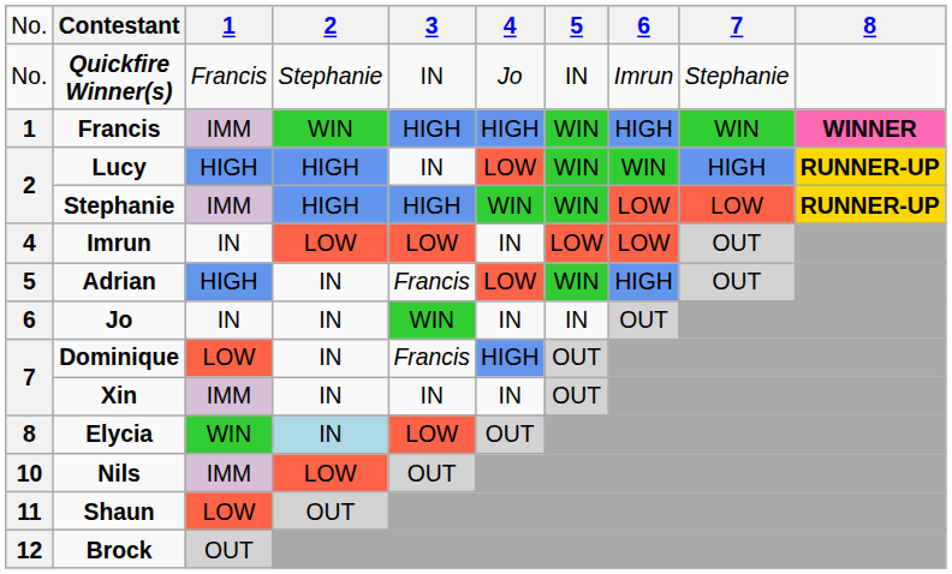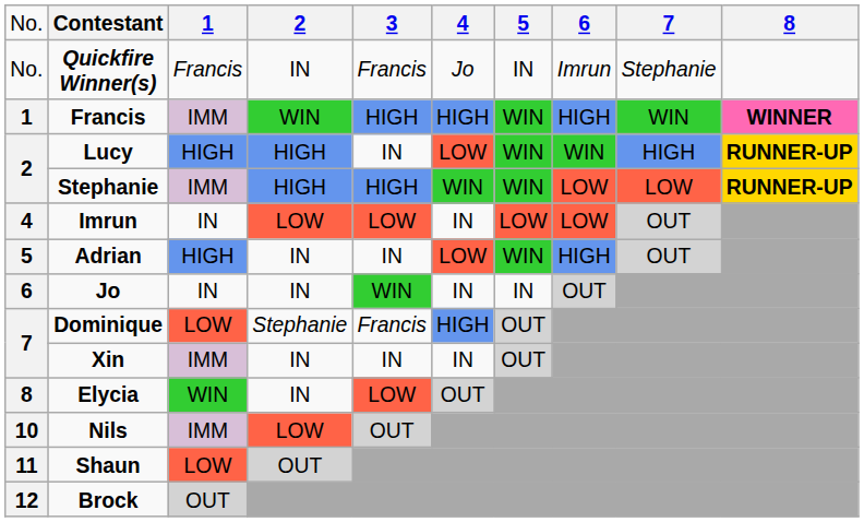 <table class="wikitable" style="text-align:center; align=center; font-size:80%">
 <tr>
 <td>No.</td>
 <th>Contestant</th>
 <th><a href='#'>1</a></th>
 <th><a href='#'>2</a></th>
 <th><a href='#'>3</a></th>
 <th><a href='#'>4</a></th>
 <th><a href='#'>5</a></th>
 <th><a href='#'>6</a></th>
 <th><a href='#'>7</a></th>
 <th><a href='#'>8</a></th>
 </tr>
 <tr>
 <td>No.</td>
 <td><strong><em>Quickfire</em></strong><br><strong><em>Winner(s)</em></strong></td>
 <td><em>Francis</em></td>
-<td><em>Stephanie</em></td>
 <td>IN</td>
+<td><em>Francis</em></td>
 <td><em>Jo</em></td>
 <td>IN</td>
 <td><em>Imrun</em></td>
 <td><em>Stephanie</em></td>
 <td></td>
 </tr>
 <tr>
 <th>1</th>
 <td><strong>Francis</strong></td>
 <td style="background:thistle;">IMM</td>
 <td style= "background:limegreen;">WIN</td>
 <td style="background:cornflowerblue;">HIGH</td>
 <td style="background:cornflowerblue;">HIGH</td>
 <td style= "background:limegreen;">WIN</td>
 <td style="background:cornflowerblue;">HIGH</td>
 <td style= "background:limegreen;">WIN</td>
 <td style="background:hotpink"><strong>WINNER</strong></td>
 </tr>
 <tr>
 <th rowspan="2">2</th>
 <td><strong>Lucy</strong></td>
 <td style="background:cornflowerblue;">HIGH</td>
 <td style="background:cornflowerblue;">HIGH</td>
 <td>IN</td>
 <td style="background:tomato;">LOW</td>
 <td style= "background:limegreen;">WIN</td>
 <td style= "background:limegreen;">WIN</td>
 <td style="background:cornflowerblue;">HIGH</td>
 <td style="background:gold"><strong>RUNNER-UP</strong></td>
 </tr>
 <tr>
 <td><strong>Stephanie</strong></td>
 <td style="background:thistle;">IMM</td>
 <td style="background:cornflowerblue;">HIGH</td>
 <td style="background:cornflowerblue;">HIGH</td>
 <td style= "background:limegreen;">WIN</td>
 <td style= "background:limegreen;">WIN</td>
 <td style="background:tomato;">LOW</td>
 <td style="background:tomato;">LOW</td>
 <td style="background:gold"><strong>RUNNER-UP</strong></td>
 </tr>
 <tr>
 <th>4</th>
 <td><strong>Imrun</strong></td>
 <td>IN</td>
 <td style="background:tomato;">LOW</td>
 <td style="background:tomato;">LOW</td>
 <td>IN</td>
 <td style="background:tomato;">LOW</td>
 <td style="background:tomato;">LOW</td>
 <td style="background:lightgray;">OUT</td>
 <td colspan="2" style="background:darkgray"></td>
 </tr>
 <tr>
 <th>5</th>
 <td><strong>Adrian</strong></td>
 <td style="background:cornflowerblue;">HIGH</td>
 <td>IN</td>
-<td><em>Francis</em></td>
+<td>IN</td>
 <td style="background:tomato;">LOW</td>
 <td style= "background:limegreen;">WIN</td>
 <td style="background:cornflowerblue;">HIGH</td>
 <td style="background:lightgray;">OUT</td>
 <td colspan="2" style="background:darkgray"></td>
 </tr>
 <tr>
 <th>6</th>
 <td><strong>Jo</strong></td>
 <td>IN</td>
 <td>IN</td>
 <td style= "background:limegreen;">WIN</td>
 <td>IN</td>
 <td>IN</td>
 <td style="background:lightgray;">OUT</td>
 <td colspan="2" style="background:darkgray"></td>
 </tr>
 <tr>
 <th rowspan = "2">7</th>
 <td><strong>Dominique</strong></td>
 <td style="background:tomato;">LOW</td>
-<td>IN</td>
+<td><em>Stephanie</em></td>
 <td><em>Francis</em></td>
 <td style="background:cornflowerblue;">HIGH</td>
 <td style="background:lightgray;">OUT</td>
 <td colspan="3" style="background:darkgray"></td>
 </tr>
 <tr>
 <td><strong>Xin</strong></td>
 <td style="background:thistle;">IMM</td>
 <td>IN</td>
 <td>IN</td>
 <td>IN</td>
 <td style="background:lightgray;">OUT</td>
 <td colspan="3" style="background:darkgray"></td>
 </tr>
 <tr>
 <th>8</th>
 <td><strong>Elycia</strong></td>
 <td style= "background:limegreen;">WIN</td>
-<td style="background: lightblue;">IN</td>
+<td>IN</td>
 <td style="background:tomato;">LOW</td>
 <td style="background:lightgray;">OUT</td>
 <td colspan="4" style="background:darkgray"></td>
 </tr>
 <tr>
 <th>10</th>
 <td><strong>Nils</strong></td>
 <td style="background:thistle;">IMM</td>
 <td style="background:tomato;">LOW</td>
 <td style="background:lightgray;">OUT</td>
 <td colspan="5" style="background:darkgray"></td>
 </tr>
 <tr>
 <th>11</th>
 <td><strong>Shaun</strong></td>
 <td style="background:tomato;">LOW</td>
 <td style="background:lightgray;">OUT</td>
 <td colspan="6" style="background:darkgray"></td>
 </tr>
 <tr>
 <th>12</th>
 <td><strong>Brock</strong></td>
 <td style="background:lightgray;">OUT</td>
 <td colspan="7" style="background:darkgray"></td>
 </tr>
 </table>
